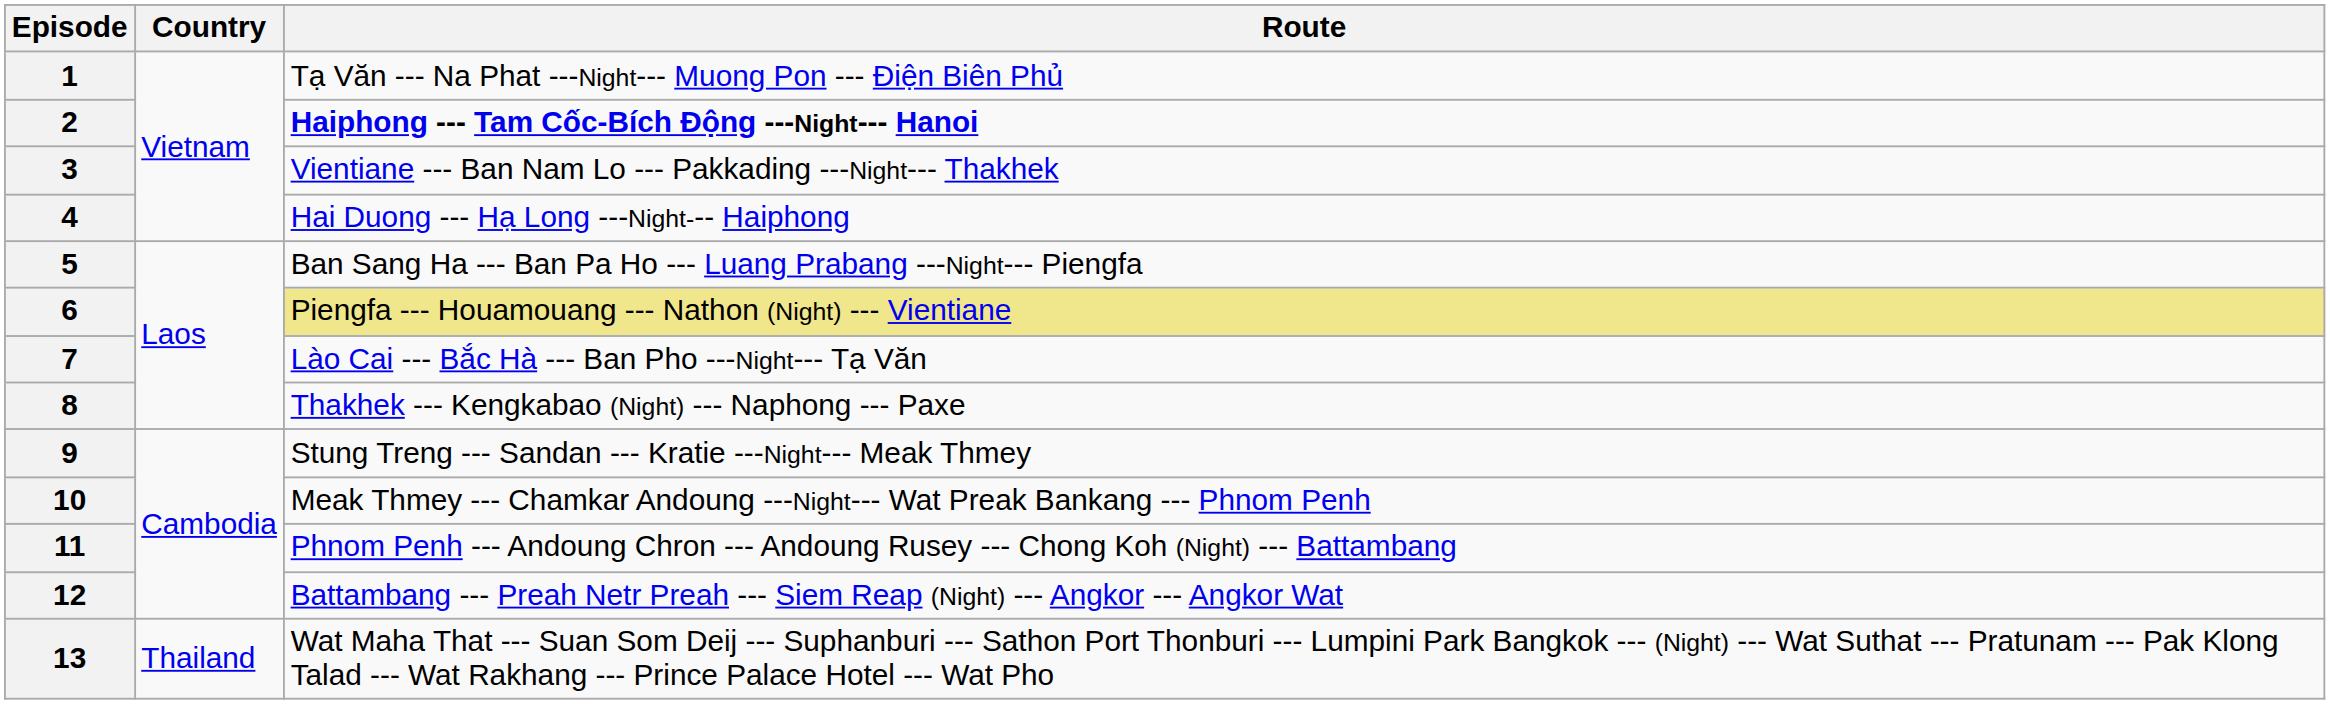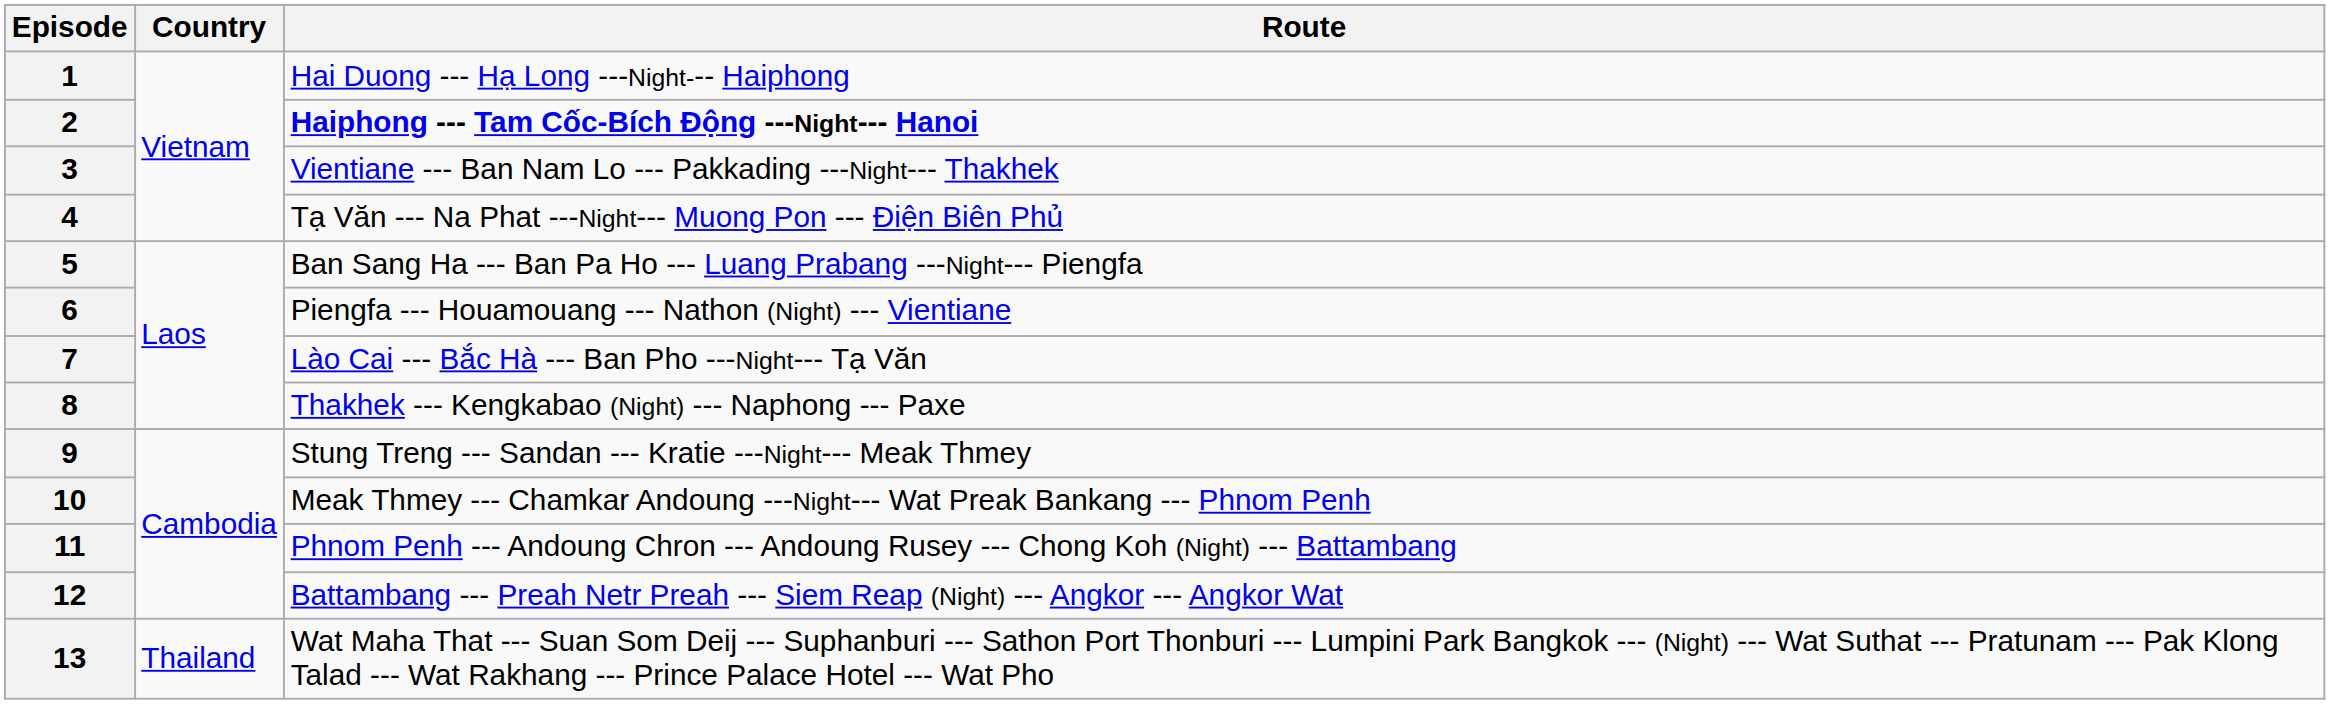 <table class="wikitable">
 <tr>
 <th>Episode</th>
 <th>Country</th>
 <th>Route</th>
 </tr>
 <tr>
 <th>1</th>
 <td rowspan=4><a href='#'>Vietnam</a></td>
-<td>Tạ Văn --- Na Phat ---<small>Night</small>--- <a href='#'>Muong Pon</a> --- <a href='#'>Điện Biên Phủ</a></td>
+<td><a href='#'>Hai Duong</a> --- <a href='#'>Hạ Long</a> ---<small>Night-</small>-- <a href='#'>Haiphong</a></td>
 </tr>
 <tr>
 <th>2</th>
 <td><strong><a href='#'>Haiphong</a> --- <a href='#'>Tam Cốc-Bích Động</a> ---<small>Night</small>--- <a href='#'>Hanoi</a></strong></td>
 </tr>
 <tr>
 <th>3</th>
 <td><a href='#'>Vientiane</a> --- Ban Nam Lo --- Pakkading ---<small>Night</small>--- <a href='#'>Thakhek</a></td>
 </tr>
 <tr>
 <th>4</th>
-<td><a href='#'>Hai Duong</a> --- <a href='#'>Hạ Long</a> ---<small>Night-</small>-- <a href='#'>Haiphong</a></td>
+<td>Tạ Văn --- Na Phat ---<small>Night</small>--- <a href='#'>Muong Pon</a> --- <a href='#'>Điện Biên Phủ</a></td>
 </tr>
 <tr>
 <th>5</th>
 <td rowspan="4"><a href='#'>Laos</a></td>
 <td>Ban Sang Ha --- Ban Pa Ho --- <a href='#'>Luang Prabang</a> ---<small>Night</small>--- Piengfa</td>
 </tr>
 <tr>
 <th>6</th>
-<td style="background: khaki;">Piengfa --- Houamouang --- Nathon <small>(Night)</small> --- <a href='#'>Vientiane</a></td>
+<td>Piengfa --- Houamouang --- Nathon <small>(Night)</small> --- <a href='#'>Vientiane</a></td>
 </tr>
 <tr>
 <th>7</th>
 <td><a href='#'>Lào Cai</a> --- <a href='#'>Bắc Hà</a> --- Ban Pho ---<small>Night</small>--- Tạ Văn</td>
 </tr>
 <tr>
 <th>8</th>
 <td><a href='#'>Thakhek</a> --- Kengkabao <small>(Night)</small> --- Naphong --- Paxe</td>
 </tr>
 <tr>
 <th>9</th>
 <td rowspan="4"><a href='#'>Cambodia</a></td>
 <td>Stung Treng --- Sandan --- Kratie ---<small>Night</small>--- Meak Thmey</td>
 </tr>
 <tr>
 <th>10</th>
 <td>Meak Thmey --- Chamkar Andoung ---<small>Night</small>--- Wat Preak Bankang --- <a href='#'>Phnom Penh</a></td>
 </tr>
 <tr>
 <th>11</th>
 <td><a href='#'>Phnom Penh</a> --- Andoung Chron --- Andoung Rusey --- Chong Koh <small>(Night)</small> --- <a href='#'>Battambang</a></td>
 </tr>
 <tr>
 <th>12</th>
 <td><a href='#'>Battambang</a> --- <a href='#'>Preah Netr Preah</a> --- <a href='#'>Siem Reap</a> <small>(Night)</small> --- <a href='#'>Angkor</a> --- <a href='#'>Angkor Wat</a></td>
 </tr>
 <tr>
 <th>13</th>
 <td><a href='#'>Thailand</a></td>
 <td>Wat Maha That --- Suan Som Deij --- Suphanburi --- Sathon Port Thonburi --- Lumpini Park Bangkok --- <small>(Night)</small> --- Wat Suthat --- Pratunam --- Pak Klong Talad --- Wat Rakhang --- Prince Palace Hotel --- Wat Pho</td>
 </tr>
 </table>
